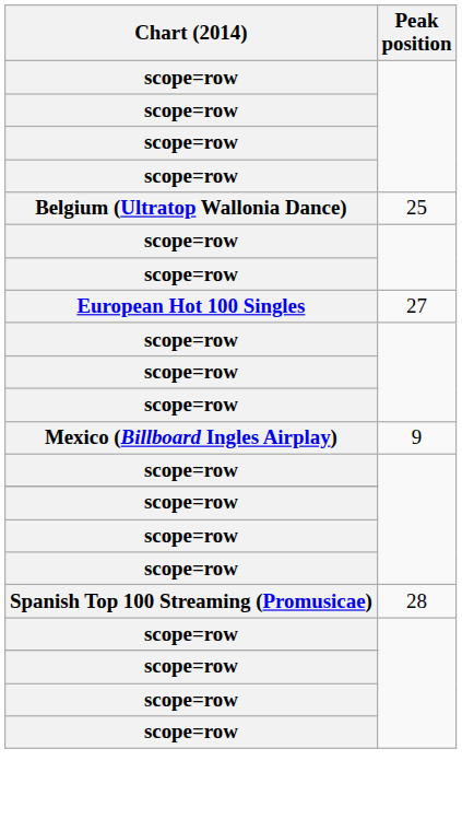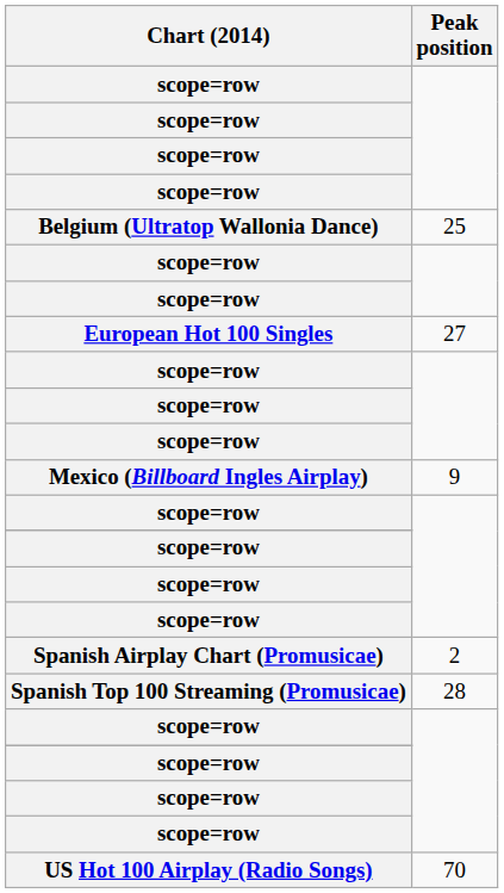 <table class="wikitable sortable plainrowheaders">
 <tr>
 <th scope="col">Chart (2014)</th>
 <th scope="col">Peak<br>position</th>
 </tr>
 <tr>
 <th>scope=row</th>
 </tr>
 <tr>
 <th>scope=row</th>
 </tr>
 <tr>
 <th>scope=row</th>
 </tr>
 <tr>
 <th>scope=row</th>
 </tr>
 <tr>
 <th scope=row>Belgium (<a href='#'>Ultratop</a> Wallonia Dance)</th>
 <td align=center>25</td>
 </tr>
 <tr>
 <th>scope=row</th>
 </tr>
 <tr>
 <th>scope=row</th>
 </tr>
 <tr>
 <th scope=row><a href='#'>European Hot 100 Singles</a></th>
 <td style="text-align:center;">27</td>
 </tr>
 <tr>
 <th>scope=row</th>
 </tr>
 <tr>
 <th>scope=row</th>
 </tr>
 <tr>
 <th>scope=row</th>
 </tr>
 <tr>
 <th scope=row>Mexico (<a href='#'><em>Billboard</em> Ingles Airplay</a>)</th>
 <td style="text-align:center;">9</td>
 </tr>
 <tr>
 <th>scope=row</th>
 </tr>
 <tr>
 </tr>
 <tr>
 <th>scope=row</th>
 </tr>
 <tr>
 <th>scope=row</th>
 </tr>
 <tr>
 <th>scope=row</th>
 </tr>
 <tr>
+<th scope=row>Spanish Airplay Chart (<a href='#'>Promusicae</a>)</th>
+<td style="text-align:center;">2</td>
+</tr>
+<tr>
 <th scope=row>Spanish Top 100 Streaming (<a href='#'>Promusicae</a>)</th>
 <td style="text-align:center;">28</td>
 </tr>
 <tr>
 <th>scope=row</th>
 </tr>
 <tr>
 </tr>
 <tr>
 <th>scope=row</th>
 </tr>
 <tr>
 <th>scope=row</th>
 </tr>
 <tr>
 <th>scope=row</th>
 </tr>
+<tr>
+<th scope=row>US <a href='#'>Hot 100 Airplay (Radio Songs)</a></th>
+<td style="text-align:center;">70</td>
+</tr>
 </table>
